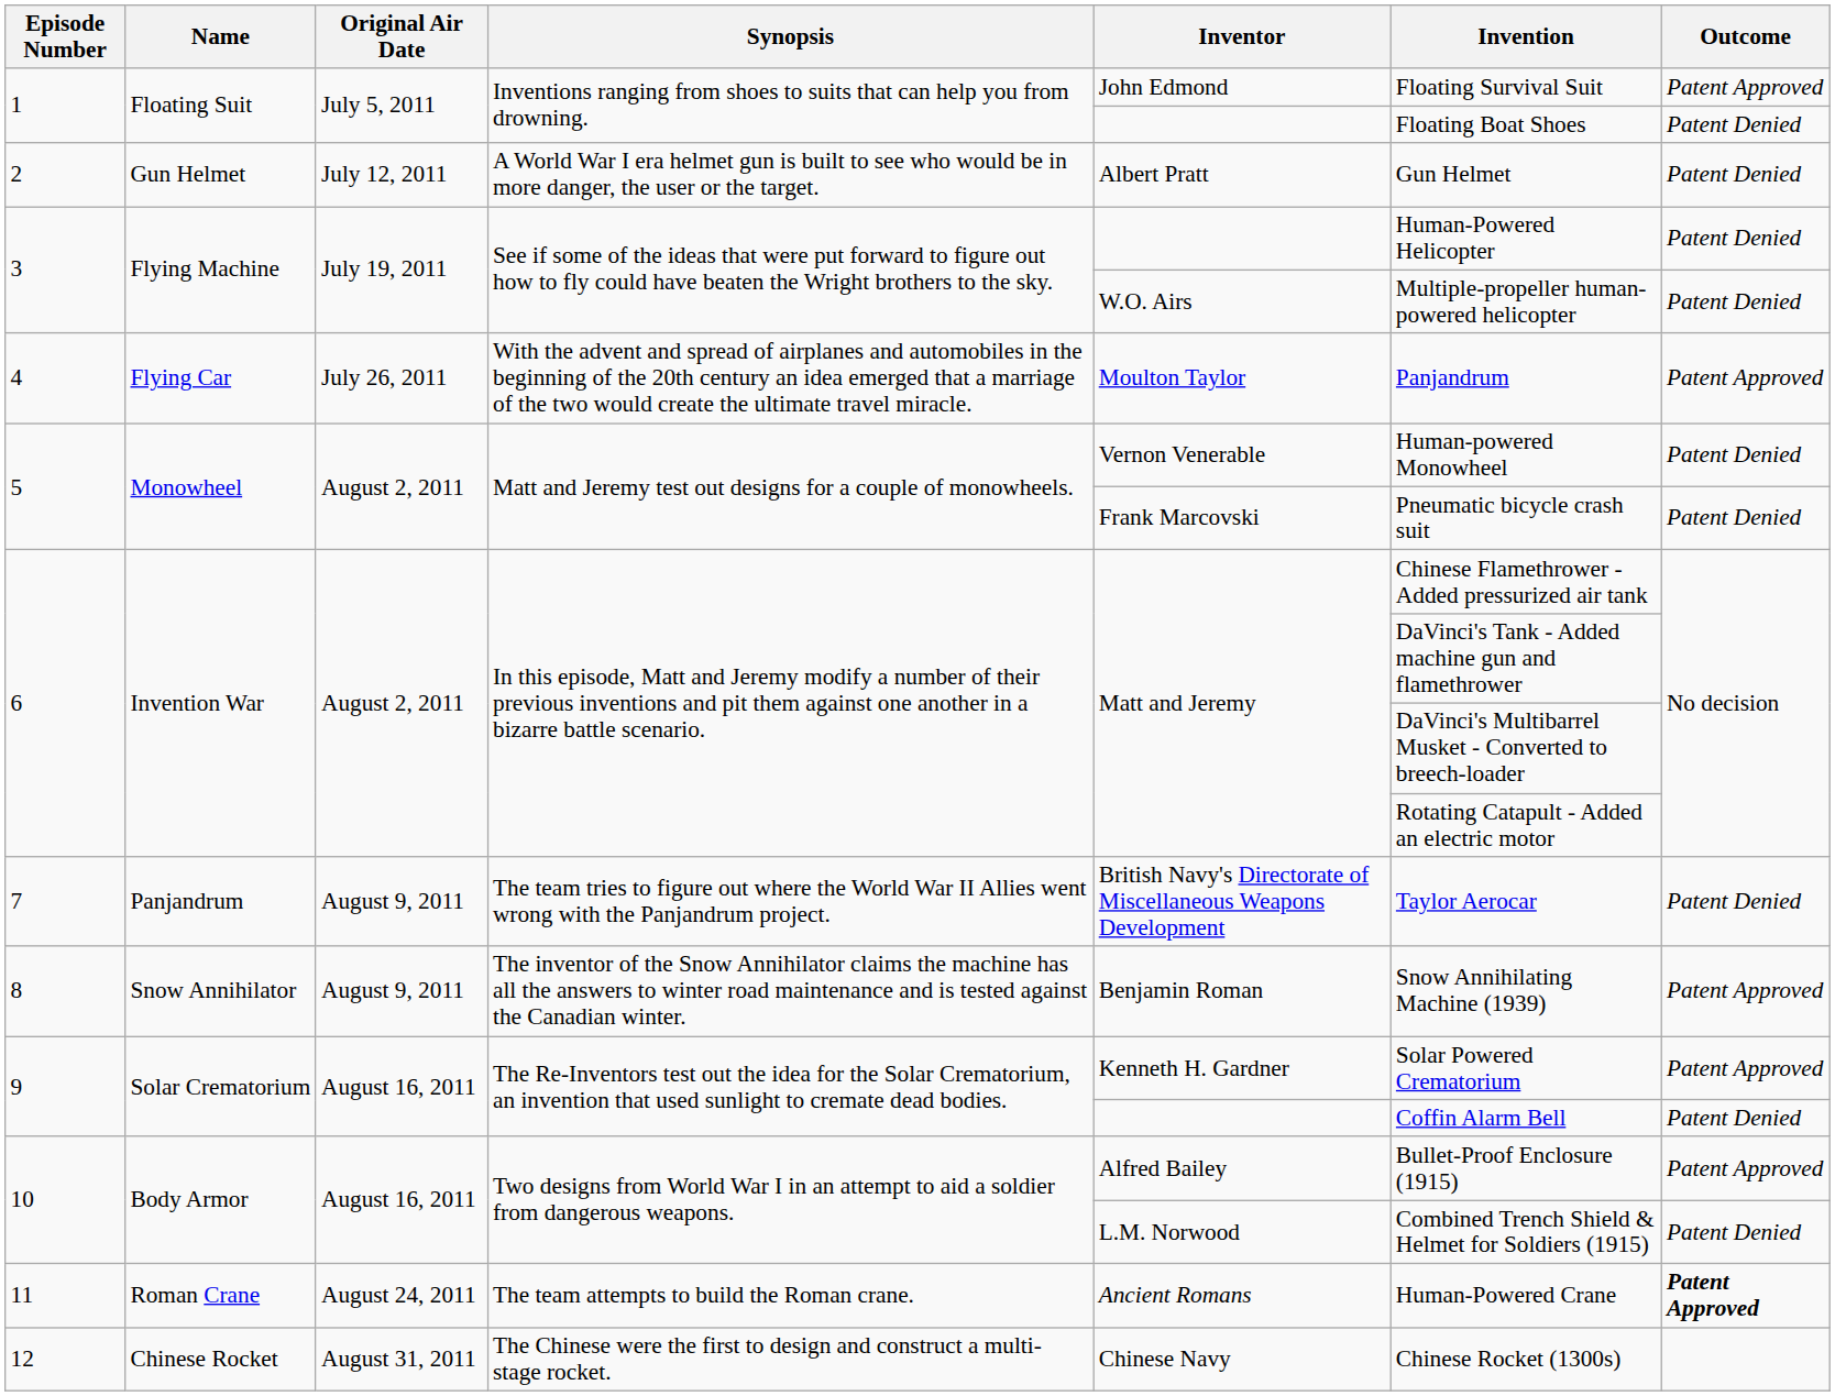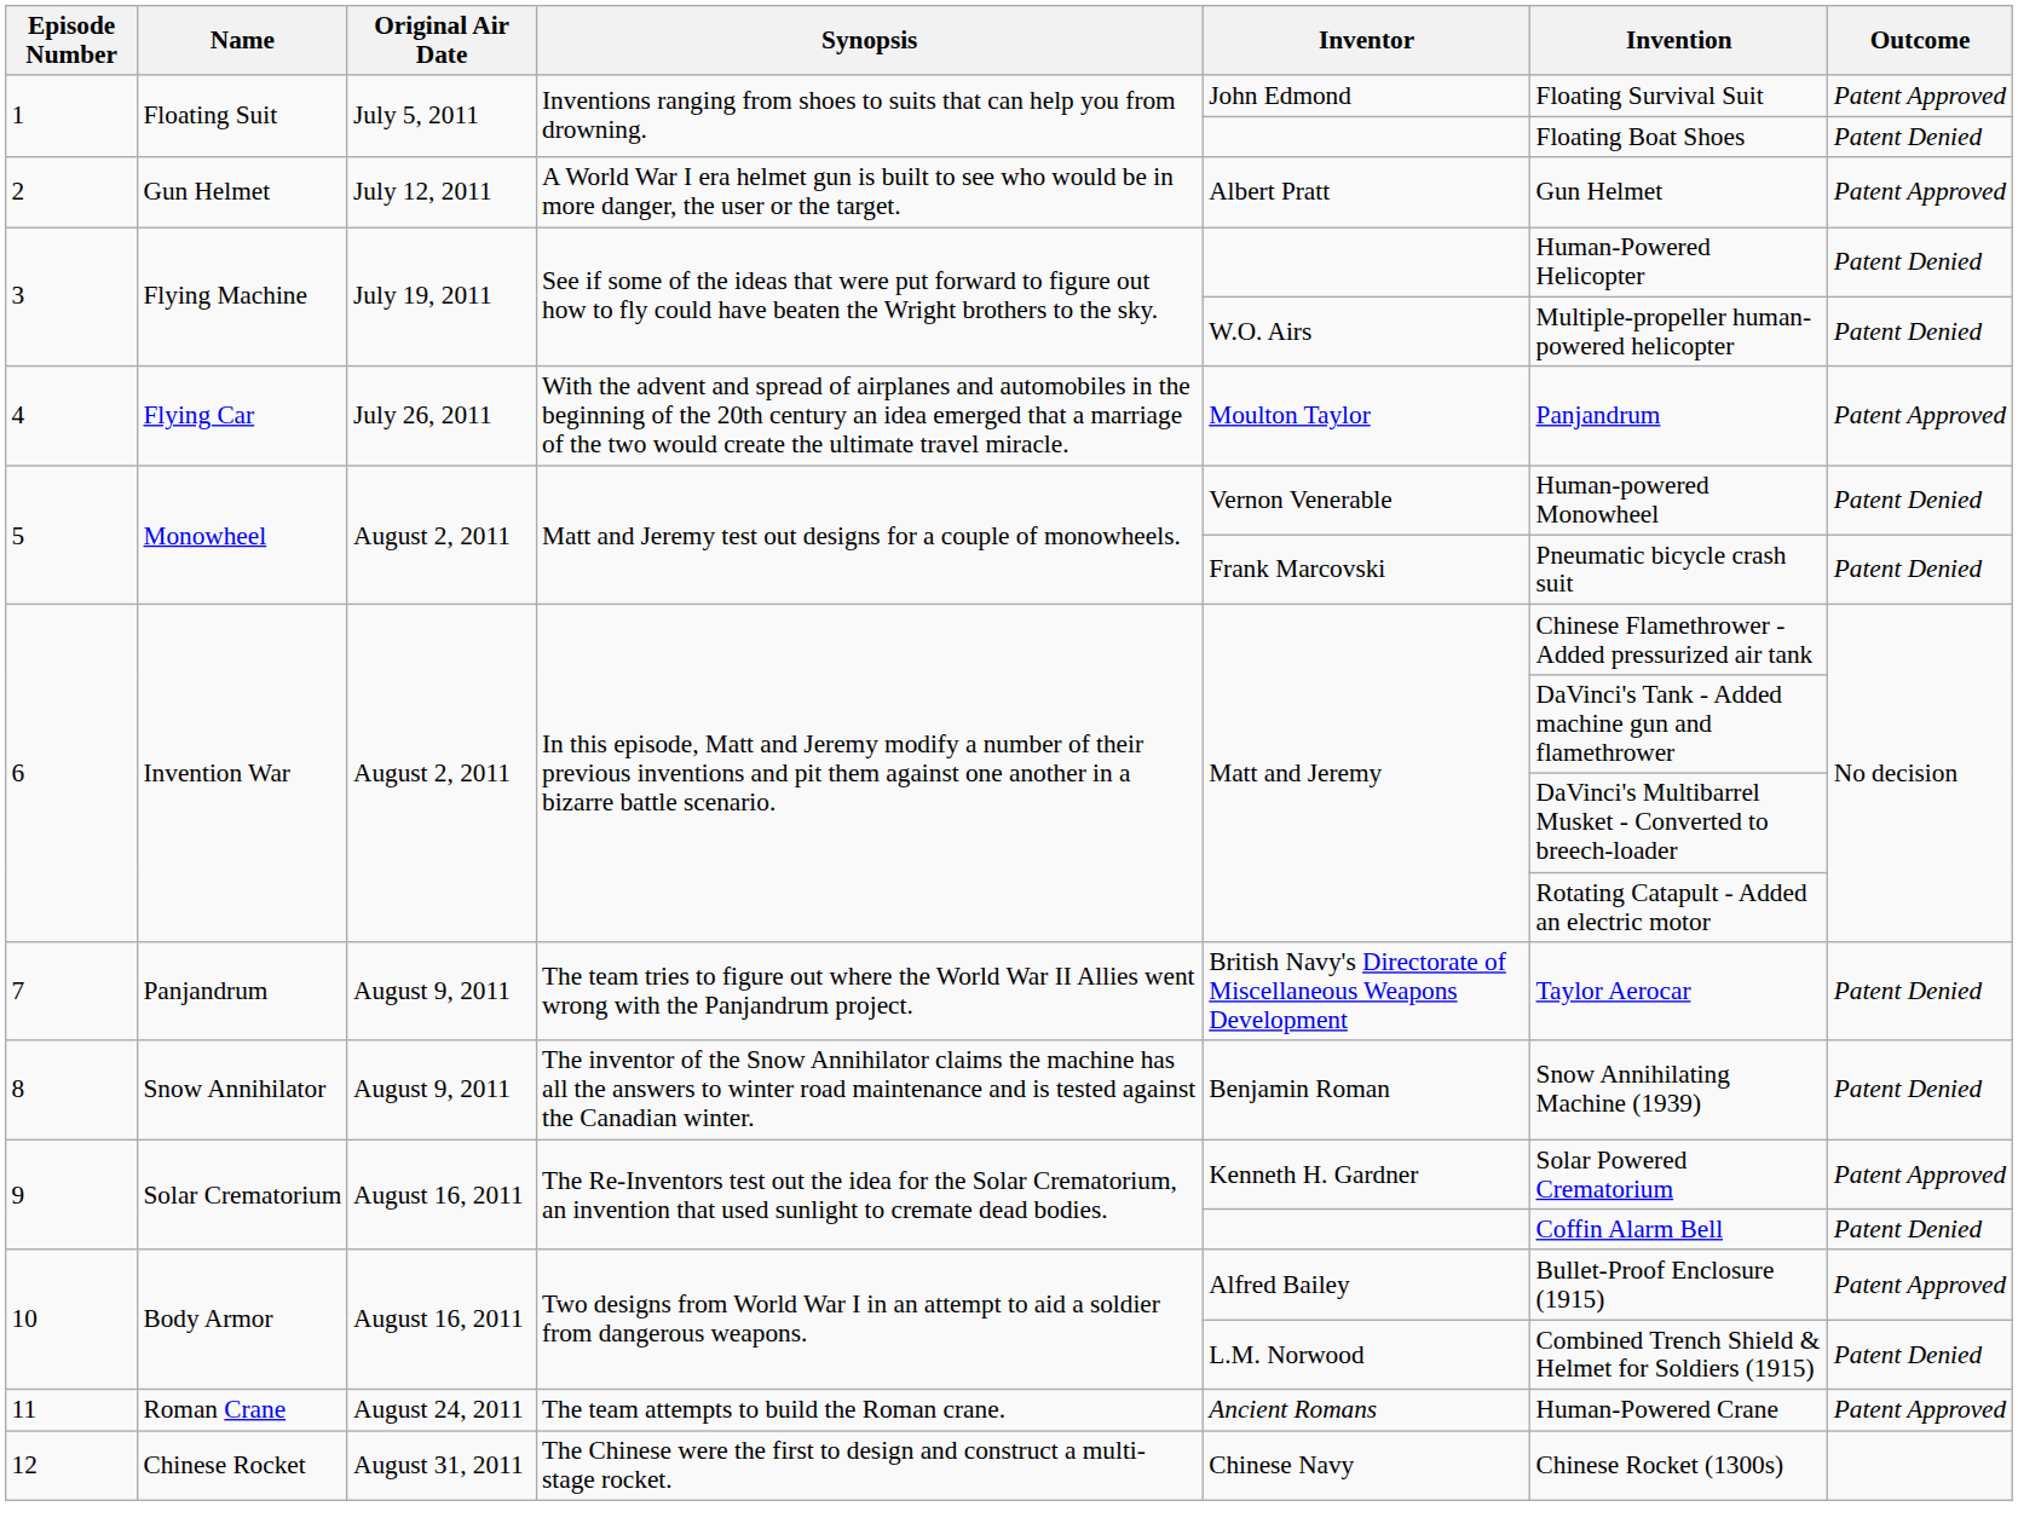 <table class="wikitable">
 <tr>
 <th scope=col>Episode Number</th>
 <th scope=col>Name</th>
 <th scope=col>Original Air Date </th>
 <th scope=col>Synopsis</th>
 <th scope=col>Inventor</th>
 <th scope=col>Invention</th>
 <th scope=col>Outcome</th>
 </tr>
 <tr>
 <td rowspan=2 style=white-space:nowrap>1</td>
 <td rowspan=2 style=white-space:nowrap>Floating Suit</td>
 <td rowspan=2 style=white-space:nowrap>July 5, 2011</td>
 <td rowspan=2>Inventions ranging from shoes to suits that can help you from drowning.</td>
 <td>John Edmond</td>
 <td>Floating Survival Suit</td>
 <td><em>Patent Approved</em></td>
 </tr>
 <tr>
 <td></td>
 <td>Floating Boat Shoes</td>
 <td><em>Patent Denied</em></td>
 </tr>
 <tr>
 <td>2</td>
 <td>Gun Helmet</td>
 <td>July 12, 2011</td>
 <td>A World War I era helmet gun is built to see who would be in more danger, the user or the target.</td>
 <td>Albert Pratt</td>
 <td>Gun Helmet</td>
-<td><em>Patent Denied</em></td>
+<td><em>Patent Approved</em></td>
 </tr>
 <tr>
 <td rowspan=2 style=white-space:nowrap>3</td>
 <td rowspan=2 style=white-space:nowrap>Flying Machine</td>
 <td rowspan=2 style=white-space:nowrap>July 19, 2011</td>
 <td rowspan=2>See if some of the ideas that were put forward to figure out how to fly could have beaten the Wright brothers to the sky.</td>
 <td></td>
 <td>Human-Powered Helicopter</td>
 <td><em>Patent Denied</em></td>
 </tr>
 <tr>
 <td>W.O. Airs</td>
 <td>Multiple-propeller human-powered helicopter</td>
 <td><em>Patent Denied</em></td>
 </tr>
 <tr>
 <td>4</td>
 <td><a href='#'>Flying Car</a></td>
 <td>July 26, 2011</td>
 <td>With the advent and spread of airplanes and automobiles in the beginning of the 20th century an idea emerged that a marriage of the two would create the ultimate travel miracle.</td>
 <td><a href='#'>Moulton Taylor</a></td>
 <td><a href='#'>Panjandrum</a></td>
 <td style=white-space:nowrap><em>Patent Approved</em></td>
 </tr>
 <tr>
 <td rowspan=2 style=white-space:nowrap>5</td>
 <td rowspan=2 style=white-space:nowrap><a href='#'>Monowheel</a></td>
 <td rowspan=2 style=white-space:nowrap>August 2, 2011</td>
 <td rowspan=2>Matt and Jeremy test out designs for a couple of monowheels.</td>
 <td>Vernon Venerable</td>
 <td>Human-powered Monowheel</td>
 <td><em>Patent Denied</em></td>
 </tr>
 <tr>
 <td>Frank Marcovski</td>
 <td>Pneumatic bicycle crash suit</td>
 <td><em>Patent Denied</em></td>
 </tr>
 <tr>
 <td rowspan=4 style=white_space:nowrap>6</td>
 <td rowspan=4 style=white_space:nowrap>Invention War</td>
 <td rowspan=4 style=white_space:nowrap>August 2, 2011</td>
 <td rowspan=4>In this episode, Matt and Jeremy modify a number of their previous inventions and pit them against one another in a bizarre battle scenario.</td>
 <td rowspan=4 style=white_space:nowrap>Matt and Jeremy</td>
 <td>Chinese Flamethrower - Added pressurized air tank</td>
 <td rowspan=4>No decision</td>
 </tr>
 <tr>
 <td>DaVinci's Tank - Added machine gun and flamethrower</td>
 </tr>
 <tr>
 <td>DaVinci's Multibarrel Musket - Converted to breech-loader</td>
 </tr>
 <tr>
 <td>Rotating Catapult - Added an electric motor</td>
 </tr>
 <tr>
 <td>7</td>
 <td>Panjandrum</td>
 <td>August 9, 2011</td>
 <td>The team tries to figure out where the World War II Allies went wrong with the Panjandrum project.</td>
 <td>British Navy's <a href='#'>Directorate of Miscellaneous Weapons Development</a></td>
 <td><a href='#'>Taylor Aerocar</a></td>
 <td><em>Patent Denied</em></td>
 </tr>
 <tr>
 <td>8</td>
 <td>Snow Annihilator</td>
 <td>August 9, 2011</td>
 <td>The inventor of the Snow Annihilator claims the machine has all the answers to winter road maintenance and is tested against the Canadian winter.</td>
 <td>Benjamin Roman</td>
 <td>Snow Annihilating Machine (1939)</td>
-<td><em>Patent Approved</em></td>
+<td><em>Patent Denied</em></td>
 </tr>
 <tr>
 <td rowspan=2 style=white-space:nowrap>9</td>
 <td rowspan=2 style=white-space:nowrap>Solar Crematorium</td>
 <td rowspan=2 style=white-space:nowrap>August 16, 2011</td>
 <td rowspan=2>The Re-Inventors test out the idea for the Solar Crematorium, an invention that used sunlight to cremate dead bodies.</td>
 <td>Kenneth H. Gardner</td>
 <td>Solar Powered <a href='#'>Crematorium</a></td>
 <td><em>Patent Approved</em></td>
 </tr>
 <tr>
 <td></td>
 <td><a href='#'>Coffin Alarm Bell</a></td>
 <td><em>Patent Denied</em></td>
 </tr>
 <tr>
 <td rowspan=2 style=white-space:nowrap>10</td>
 <td rowspan=2 style=white-space:nowrap>Body Armor</td>
 <td rowspan=2 style=white-space:nowrap>August 16, 2011</td>
 <td rowspan=2>Two designs from World War I in an attempt to aid a soldier from dangerous weapons.</td>
 <td>Alfred Bailey</td>
 <td>Bullet-Proof Enclosure (1915)</td>
 <td><em>Patent Approved</em></td>
 </tr>
 <tr>
 <td>L.M. Norwood</td>
 <td>Combined Trench Shield & Helmet for Soldiers (1915)</td>
 <td><em>Patent Denied</em></td>
 </tr>
 <tr>
 <td>11</td>
 <td>Roman <a href='#'>Crane</a></td>
 <td>August 24, 2011</td>
 <td>The team attempts to build the Roman crane.</td>
 <td><em>Ancient Romans</em></td>
 <td>Human-Powered Crane</td>
-<td><strong><em>Patent Approved</em></strong></td>
+<td><em>Patent Approved</em></td>
 </tr>
 <tr>
 <td>12</td>
 <td>Chinese Rocket</td>
 <td>August 31, 2011</td>
 <td>The Chinese were the first to design and construct a multi-stage rocket.</td>
 <td>Chinese Navy</td>
 <td>Chinese Rocket (1300s)</td>
 <td></td>
 </tr>
 </table>
